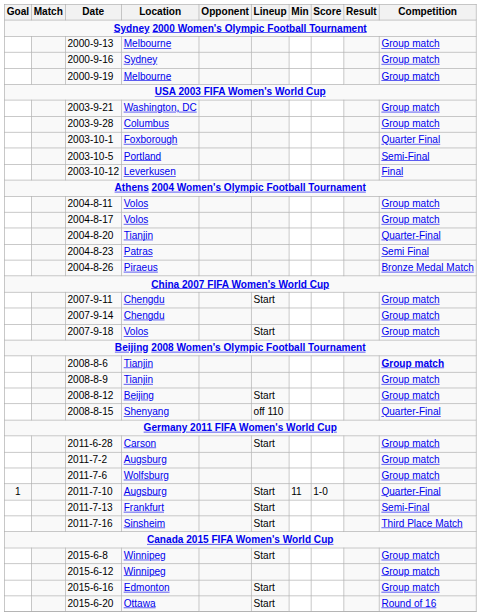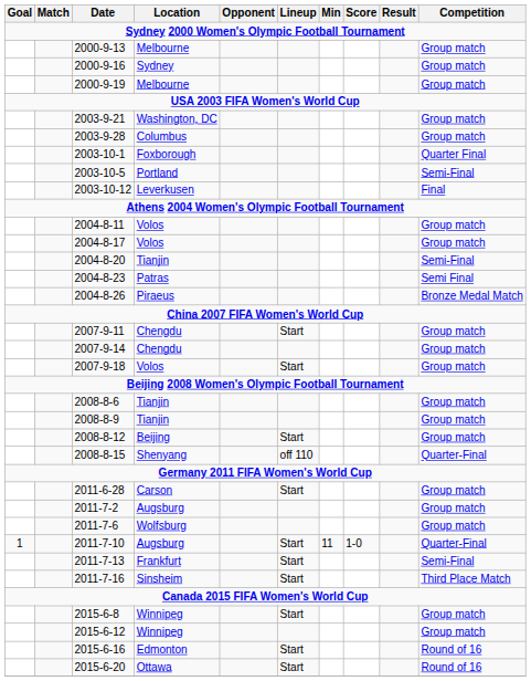 <table class="wikitable collapsible" style="fontsize:90%;">
 <tr>
 <th>Goal</th>
 <th>Match</th>
 <th>Date</th>
 <th>Location</th>
 <th>Opponent</th>
 <th>Lineup</th>
 <th>Min</th>
 <th>Score</th>
 <th>Result</th>
 <th>Competition</th>
 </tr>
 <tr>
 <td colspan=10 align=center ><strong><a href='#'>Sydney</a> <a href='#'>2000 Women's Olympic Football Tournament</a></strong></td>
 </tr>
 <tr>
 <td style="background:white;"></td>
 <td></td>
 <td>2000-9-13</td>
 <td><a href='#'>Melbourne</a></td>
 <td></td>
 <td></td>
 <td style="background:white;"></td>
 <td style="background:white;"></td>
 <td></td>
 <td><a href='#'>Group match</a></td>
 </tr>
 <tr>
 <td style="background:white;"></td>
 <td></td>
 <td>2000-9-16</td>
 <td><a href='#'>Sydney</a></td>
 <td></td>
 <td></td>
 <td style="background:white;"></td>
 <td style="background:white;"></td>
 <td></td>
 <td><a href='#'>Group match</a></td>
 </tr>
 <tr>
 <td style="background:white;"></td>
 <td></td>
 <td>2000-9-19</td>
 <td><a href='#'>Melbourne</a></td>
 <td></td>
 <td></td>
 <td style="background:white;"></td>
 <td style="background:white;"></td>
 <td></td>
 <td><a href='#'>Group match</a></td>
 </tr>
 <tr>
 <td colspan=10 align=center > <strong><a href='#'>USA 2003 FIFA Women's World Cup</a></strong></td>
 </tr>
 <tr>
 <td style="background:white;"></td>
 <td></td>
 <td>2003-9-21</td>
 <td><a href='#'>Washington, DC</a></td>
 <td></td>
 <td></td>
 <td style="background:white;"></td>
 <td style="background:white;"></td>
 <td></td>
 <td><a href='#'>Group match</a></td>
 </tr>
 <tr>
 <td style="background:white;"></td>
 <td></td>
 <td>2003-9-28</td>
 <td><a href='#'>Columbus</a></td>
 <td></td>
 <td></td>
 <td style="background:white;"></td>
 <td style="background:white;"></td>
 <td></td>
 <td><a href='#'>Group match</a></td>
 </tr>
 <tr>
 <td style="background:white;"></td>
 <td></td>
 <td>2003-10-1</td>
 <td><a href='#'>Foxborough</a></td>
 <td></td>
 <td></td>
 <td style="background:white;"></td>
 <td style="background:white;"></td>
 <td></td>
 <td><a href='#'>Quarter Final</a></td>
 </tr>
 <tr>
 <td style="background:white;"></td>
 <td></td>
 <td>2003-10-5</td>
 <td><a href='#'>Portland</a></td>
 <td></td>
 <td></td>
 <td style="background:white;"></td>
 <td style="background:white;"></td>
 <td></td>
 <td><a href='#'>Semi-Final</a></td>
 </tr>
 <tr>
 <td style="background:white;"></td>
 <td></td>
 <td>2003-10-12</td>
 <td><a href='#'>Leverkusen</a></td>
 <td></td>
 <td></td>
 <td style="background:white;"></td>
 <td style="background:white;"></td>
 <td></td>
 <td><a href='#'>Final</a></td>
 </tr>
 <tr>
 <td colspan=10 align=center ><strong><a href='#'>Athens</a> <a href='#'>2004 Women's Olympic Football Tournament</a></strong></td>
 </tr>
 <tr>
 <td style="background:white;"></td>
 <td></td>
 <td>2004-8-11</td>
 <td><a href='#'>Volos</a></td>
 <td></td>
 <td></td>
 <td style="background:white;"></td>
 <td style="background:white;"></td>
 <td></td>
 <td><a href='#'>Group match</a></td>
 </tr>
 <tr>
 <td style="background:white;"></td>
 <td></td>
 <td>2004-8-17</td>
 <td><a href='#'>Volos</a></td>
 <td></td>
 <td></td>
 <td style="background:white;"></td>
 <td style="background:white;"></td>
 <td></td>
 <td><a href='#'>Group match</a></td>
 </tr>
 <tr>
 <td style="background:white;"></td>
 <td></td>
 <td>2004-8-20</td>
 <td><a href='#'>Tianjin</a></td>
 <td></td>
 <td></td>
 <td style="background:white;"></td>
 <td style="background:white;"></td>
 <td></td>
-<td><a href='#'>Quarter-Final</a></td>
+<td><a href='#'>Semi-Final</a></td>
 </tr>
 <tr>
 <td style="background:white;"></td>
 <td></td>
 <td>2004-8-23</td>
 <td><a href='#'>Patras</a></td>
 <td></td>
 <td></td>
 <td style="background:white;"></td>
 <td style="background:white;"></td>
 <td></td>
 <td><a href='#'>Semi Final</a></td>
 </tr>
 <tr>
 <td style="background:white;"></td>
 <td></td>
 <td>2004-8-26</td>
 <td><a href='#'>Piraeus</a></td>
 <td></td>
 <td></td>
 <td style="background:white;"></td>
 <td style="background:white;"></td>
 <td></td>
 <td><a href='#'>Bronze Medal Match</a></td>
 </tr>
 <tr>
 <td colspan=10 align=center > <strong><a href='#'>China 2007 FIFA Women's World Cup</a></strong></td>
 </tr>
 <tr>
 <td style="background:white;"></td>
 <td></td>
 <td>2007-9-11</td>
 <td><a href='#'>Chengdu</a></td>
 <td></td>
 <td>Start</td>
 <td style="background:white;"></td>
 <td style="background:white;"></td>
 <td></td>
 <td><a href='#'>Group match</a></td>
 </tr>
 <tr>
 <td style="background:white;"></td>
 <td></td>
 <td>2007-9-14</td>
 <td><a href='#'>Chengdu</a></td>
 <td></td>
 <td></td>
 <td style="background:white;"></td>
 <td style="background:white;"></td>
 <td></td>
 <td><a href='#'>Group match</a></td>
 </tr>
 <tr>
 <td style="background:white;"></td>
 <td></td>
 <td>2007-9-18</td>
 <td><a href='#'>Volos</a></td>
 <td></td>
 <td>Start</td>
 <td style="background:white;"></td>
 <td style="background:white;"></td>
 <td></td>
 <td><a href='#'>Group match</a></td>
 </tr>
 <tr>
 <td colspan=10 align=center ><strong><a href='#'>Beijing</a> <a href='#'>2008 Women's Olympic Football Tournament</a></strong></td>
 </tr>
 <tr>
 <td style="background:white;"></td>
 <td></td>
 <td>2008-8-6</td>
 <td><a href='#'>Tianjin</a></td>
 <td></td>
 <td></td>
 <td style="background:white;"></td>
 <td style="background:white;"></td>
 <td></td>
-<td><strong><a href='#'>Group match</a></strong></td>
+<td><a href='#'>Group match</a></td>
 </tr>
 <tr>
 <td style="background:white;"></td>
 <td></td>
 <td>2008-8-9</td>
 <td><a href='#'>Tianjin</a></td>
 <td></td>
 <td></td>
 <td style="background:white;"></td>
 <td style="background:white;"></td>
 <td></td>
 <td><a href='#'>Group match</a></td>
 </tr>
 <tr>
 <td style="background:white;"></td>
 <td></td>
 <td>2008-8-12</td>
 <td><a href='#'>Beijing</a></td>
 <td></td>
 <td>Start</td>
 <td style="background:white;"></td>
 <td style="background:white;"></td>
 <td></td>
 <td><a href='#'>Group match</a></td>
 </tr>
 <tr>
 <td style="background:white;"></td>
 <td></td>
 <td>2008-8-15</td>
 <td><a href='#'>Shenyang</a></td>
 <td></td>
 <td>off 110</td>
 <td style="background:white;"></td>
 <td style="background:white;"></td>
 <td></td>
 <td><a href='#'>Quarter-Final</a></td>
 </tr>
 <tr>
 <td colspan=10 align=center > <strong><a href='#'>Germany 2011 FIFA Women's World Cup</a></strong></td>
 </tr>
 <tr>
 <td style="background:white;"></td>
 <td></td>
 <td>2011-6-28</td>
 <td><a href='#'>Carson</a></td>
 <td></td>
 <td>Start</td>
 <td style="background:white;"></td>
 <td style="background:white;"></td>
 <td></td>
 <td><a href='#'>Group match</a></td>
 </tr>
 <tr>
 <td style="background:white;"></td>
 <td></td>
 <td>2011-7-2</td>
 <td><a href='#'>Augsburg</a></td>
 <td></td>
 <td></td>
 <td style="background:white;"></td>
 <td style="background:white;"></td>
 <td></td>
 <td><a href='#'>Group match</a></td>
 </tr>
 <tr>
 <td style="background:white;"></td>
 <td></td>
 <td>2011-7-6</td>
 <td><a href='#'>Wolfsburg</a></td>
 <td></td>
 <td></td>
 <td style="background:white;"></td>
 <td style="background:white;"></td>
 <td></td>
 <td><a href='#'>Group match</a></td>
 </tr>
 <tr>
 <td align=center>1</td>
 <td></td>
 <td>2011-7-10</td>
 <td><a href='#'>Augsburg</a></td>
 <td></td>
 <td>Start</td>
 <td>11</td>
 <td>1-0</td>
 <td></td>
 <td><a href='#'>Quarter-Final</a></td>
 </tr>
 <tr>
 <td style="background:white;"></td>
 <td></td>
 <td>2011-7-13</td>
 <td><a href='#'>Frankfurt</a></td>
 <td></td>
 <td>Start</td>
 <td style="background:white;"></td>
 <td style="background:white;"></td>
 <td></td>
 <td><a href='#'>Semi-Final</a></td>
 </tr>
 <tr>
 <td style="background:white;"></td>
 <td></td>
 <td>2011-7-16</td>
 <td><a href='#'>Sinsheim</a></td>
 <td></td>
 <td>Start</td>
 <td style="background:white;"></td>
 <td style="background:white;"></td>
 <td></td>
 <td><a href='#'>Third Place Match</a></td>
 </tr>
 <tr>
 <td colspan=10 align=center > <strong><a href='#'>Canada 2015 FIFA Women's World Cup</a></strong></td>
 </tr>
 <tr>
 <td style="background:white;"></td>
 <td></td>
 <td>2015-6-8</td>
 <td><a href='#'>Winnipeg</a></td>
 <td></td>
 <td>Start</td>
 <td style="background:white;"></td>
 <td style="background:white;"></td>
 <td></td>
 <td><a href='#'>Group match</a></td>
 </tr>
 <tr>
 <td style="background:white;"></td>
 <td></td>
 <td>2015-6-12</td>
 <td><a href='#'>Winnipeg</a></td>
 <td></td>
 <td></td>
 <td style="background:white;"></td>
 <td style="background:white;"></td>
 <td></td>
 <td><a href='#'>Group match</a></td>
 </tr>
 <tr>
 <td style="background:white;"></td>
 <td></td>
 <td>2015-6-16</td>
 <td><a href='#'>Edmonton</a></td>
 <td></td>
 <td>Start</td>
 <td style="background:white;"></td>
 <td style="background:white;"></td>
 <td></td>
-<td><a href='#'>Group match</a></td>
+<td><a href='#'>Round of 16</a></td>
 </tr>
 <tr>
 <td style="background:white;"></td>
 <td></td>
 <td>2015-6-20</td>
 <td><a href='#'>Ottawa</a></td>
 <td></td>
 <td>Start</td>
 <td style="background:white;"></td>
 <td style="background:white;"></td>
 <td></td>
 <td><a href='#'>Round of 16</a></td>
 </tr>
 <tr>
 </tr>
 </table>
